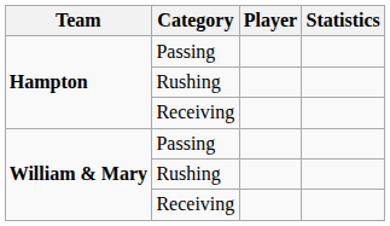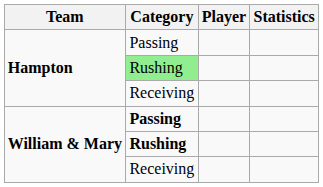 <table class="wikitable" style="float: right;">
 <tr>
 <th>Team</th>
 <th>Category</th>
 <th>Player</th>
 <th>Statistics</th>
 </tr>
 <tr>
 <td rowspan=3><strong>Hampton</strong></td>
 <td>Passing</td>
 <td></td>
 <td></td>
 </tr>
 <tr>
-<td>Rushing</td>
+<td style="background: lightgreen;">Rushing</td>
 <td></td>
 <td></td>
 </tr>
 <tr>
 <td>Receiving</td>
 <td></td>
 <td></td>
 </tr>
 <tr>
 <td rowspan=3><strong>William & Mary</strong></td>
-<td>Passing</td>
+<td><strong>Passing</strong></td>
 <td></td>
 <td></td>
 </tr>
 <tr>
-<td>Rushing</td>
+<td><strong>Rushing</strong></td>
 <td></td>
 <td></td>
 </tr>
 <tr>
 <td>Receiving</td>
 <td></td>
 <td></td>
 </tr>
 </table>
